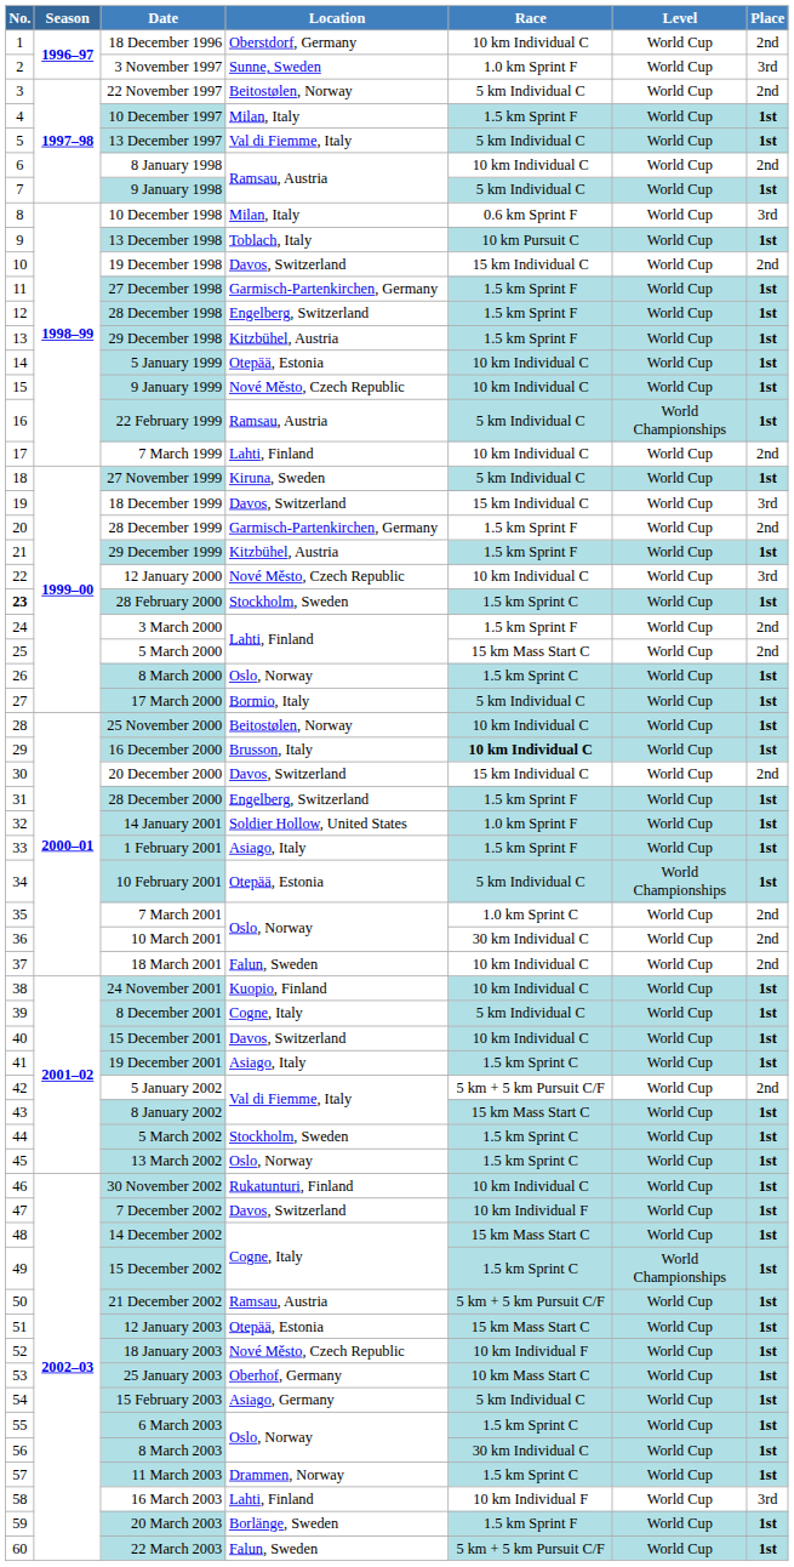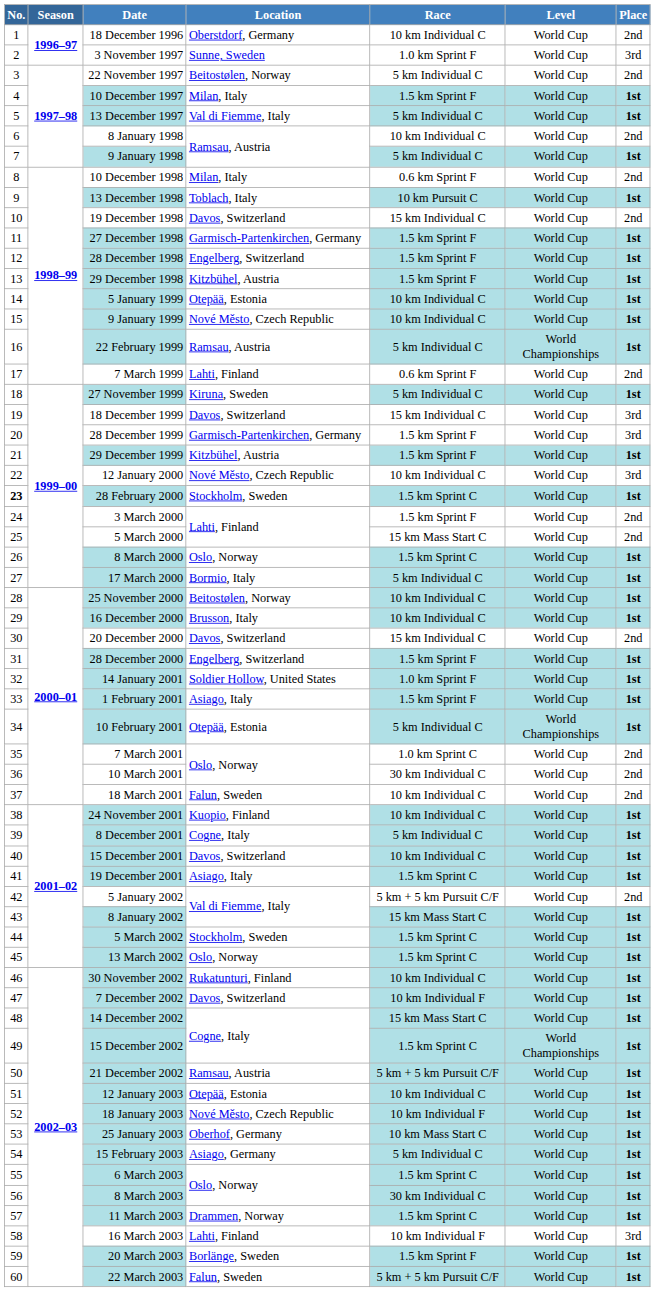 <table class="wikitable sortable" style="font-size:95%; text-align:center; border:grey solid 1px; border-collapse:collapse; background:#ffffff;">
 <tr style="background:#efefef;">
 <th style="background-color:#369; color:white;">No.</th>
 <th style="background-color:#369; color:white;">Season</th>
 <th style="background-color:#4180be; color:white; width:120px;">Date</th>
 <th style="background-color:#4180be; color:white; width:220px;">Location</th>
 <th style="background-color:#4180be; color:white; width:160px;">Race</th>
 <th style="background-color:#4180be; color:white; width:130px;">Level</th>
 <th style="background-color:#4180be; color:white;">Place</th>
 </tr>
 <tr>
 <td align=center>1</td>
 <td rowspan=2 align=center><strong> <a href='#'>1996–97</a> </strong></td>
 <td align=right>18 December 1996</td>
 <td align=left> <a href='#'>Oberstdorf</a>, Germany</td>
 <td>10 km Individual C</td>
 <td>World Cup</td>
 <td>2nd</td>
 </tr>
 <tr>
 <td align=center>2</td>
 <td align=right>3 November 1997</td>
 <td align=left> <a href='#'>Sunne, Sweden</a></td>
 <td>1.0 km Sprint F</td>
 <td>World Cup</td>
 <td>3rd</td>
 </tr>
 <tr>
 <td align=center>3</td>
 <td rowspan=5 align=center><strong> <a href='#'>1997–98</a> </strong></td>
 <td align=right>22 November 1997</td>
 <td align=left> <a href='#'>Beitostølen</a>, Norway</td>
 <td>5 km Individual C</td>
 <td>World Cup</td>
 <td>2nd</td>
 </tr>
 <tr>
 <td align=center>4</td>
 <td bgcolor="#BOEOE6" align=right>10 December 1997</td>
 <td align=left> <a href='#'>Milan</a>, Italy</td>
 <td bgcolor="#BOEOE6">1.5 km Sprint F</td>
 <td bgcolor="#BOEOE6">World Cup</td>
 <td bgcolor="#BOEOE6"><strong>1st</strong></td>
 </tr>
 <tr>
 <td align=center>5</td>
 <td bgcolor="#BOEOE6" align=right>13 December 1997</td>
 <td align=left> <a href='#'>Val di Fiemme</a>, Italy</td>
 <td bgcolor="#BOEOE6">5 km Individual C</td>
 <td bgcolor="#BOEOE6">World Cup</td>
 <td bgcolor="#BOEOE6"><strong>1st</strong></td>
 </tr>
 <tr>
 <td align=center>6</td>
 <td align=right>8 January 1998</td>
 <td rowspan=2 align=left> <a href='#'> Ramsau</a>, Austria</td>
 <td>10 km Individual C</td>
 <td>World Cup</td>
 <td>2nd</td>
 </tr>
 <tr>
 <td align=center>7</td>
 <td bgcolor="#BOEOE6" align=right>9 January 1998</td>
 <td bgcolor="#BOEOE6">5 km Individual C</td>
 <td bgcolor="#BOEOE6">World Cup</td>
 <td bgcolor="#BOEOE6"><strong>1st</strong></td>
 </tr>
 <tr>
 <td align=center>8</td>
 <td rowspan=10 align=center><strong> <a href='#'>1998–99</a> </strong></td>
 <td align=right>10 December 1998</td>
 <td align=left> <a href='#'>Milan</a>, Italy</td>
 <td>0.6 km Sprint F</td>
 <td>World Cup</td>
-<td>3rd</td>
+<td>2nd</td>
 </tr>
 <tr>
 <td align=center>9</td>
 <td bgcolor="#BOEOE6" align=right>13 December 1998</td>
 <td align=left> <a href='#'>Toblach</a>, Italy</td>
 <td bgcolor="#BOEOE6">10 km Pursuit C</td>
 <td bgcolor="#BOEOE6">World Cup</td>
 <td bgcolor="#BOEOE6"><strong>1st</strong></td>
 </tr>
 <tr>
 <td align=center>10</td>
 <td align=right>19 December 1998</td>
 <td align=left> <a href='#'>Davos</a>, Switzerland</td>
 <td>15 km Individual C</td>
 <td>World Cup</td>
 <td>2nd</td>
 </tr>
 <tr>
 <td align=center>11</td>
 <td bgcolor="#BOEOE6" align=right>27 December 1998</td>
 <td align=left> <a href='#'>Garmisch-Partenkirchen</a>, Germany</td>
 <td bgcolor="#BOEOE6">1.5 km Sprint F</td>
 <td bgcolor="#BOEOE6">World Cup</td>
 <td bgcolor="#BOEOE6"><strong>1st</strong></td>
 </tr>
 <tr>
 <td align=center>12</td>
 <td bgcolor="#BOEOE6" align=right>28 December 1998</td>
 <td align=left> <a href='#'>Engelberg</a>, Switzerland</td>
 <td bgcolor="#BOEOE6">1.5 km Sprint F</td>
 <td bgcolor="#BOEOE6">World Cup</td>
 <td bgcolor="#BOEOE6"><strong>1st</strong></td>
 </tr>
 <tr>
 <td align=center>13</td>
 <td bgcolor="#BOEOE6" align=right>29 December 1998</td>
 <td align=left> <a href='#'>Kitzbühel</a>, Austria</td>
 <td bgcolor="#BOEOE6">1.5 km Sprint F</td>
 <td bgcolor="#BOEOE6">World Cup</td>
 <td bgcolor="#BOEOE6"><strong>1st</strong></td>
 </tr>
 <tr>
 <td align=center>14</td>
 <td bgcolor="#BOEOE6" align=right>5 January 1999</td>
 <td align=left> <a href='#'>Otepää</a>, Estonia</td>
 <td bgcolor="#BOEOE6">10 km Individual C</td>
 <td bgcolor="#BOEOE6">World Cup</td>
 <td bgcolor="#BOEOE6"><strong>1st</strong></td>
 </tr>
 <tr>
 <td align=center>15</td>
 <td bgcolor="#BOEOE6" align=right>9 January 1999</td>
 <td align=left> <a href='#'>Nové Město</a>, Czech Republic</td>
 <td bgcolor="#BOEOE6">10 km Individual C</td>
 <td bgcolor="#BOEOE6">World Cup</td>
 <td bgcolor="#BOEOE6"><strong>1st</strong></td>
 </tr>
 <tr>
 <td align=center>16</td>
 <td bgcolor="#BOEOE6" align=right>22 February 1999</td>
 <td align=left> <a href='#'>Ramsau</a>, Austria</td>
 <td bgcolor="#BOEOE6">5 km Individual C</td>
 <td bgcolor="#BOEOE6">World Championships</td>
 <td bgcolor="#BOEOE6"><strong>1st</strong></td>
 </tr>
 <tr>
 <td align=center>17</td>
 <td align=right>7 March 1999</td>
 <td align=left> <a href='#'>Lahti</a>, Finland</td>
-<td>10 km Individual C</td>
+<td>0.6 km Sprint F</td>
 <td>World Cup</td>
 <td>2nd</td>
 </tr>
 <tr>
 <td align=center>18</td>
 <td rowspan=10 align=center><strong><a href='#'>1999–00</a></strong></td>
 <td bgcolor="#BOEOE6" align=right>27 November 1999</td>
 <td align=left> <a href='#'>Kiruna</a>, Sweden</td>
 <td bgcolor="#BOEOE6">5 km Individual C</td>
 <td bgcolor="#BOEOE6">World Cup</td>
 <td bgcolor="#BOEOE6"><strong>1st</strong></td>
 </tr>
 <tr>
 <td align=center>19</td>
 <td align=right>18 December 1999</td>
 <td align=left> <a href='#'>Davos</a>, Switzerland</td>
 <td>15 km Individual C</td>
 <td>World Cup</td>
 <td>3rd</td>
 </tr>
 <tr>
 <td align=center>20</td>
 <td align=right>28 December 1999</td>
 <td align=left> <a href='#'>Garmisch-Partenkirchen</a>, Germany</td>
 <td>1.5 km Sprint F</td>
 <td>World Cup</td>
-<td>2nd</td>
+<td>3rd</td>
 </tr>
 <tr>
 <td align=center>21</td>
 <td bgcolor="#BOEOE6" align=right>29 December 1999</td>
 <td align=left> <a href='#'>Kitzbühel</a>, Austria</td>
 <td bgcolor="#BOEOE6">1.5 km Sprint F</td>
 <td bgcolor="#BOEOE6">World Cup</td>
 <td bgcolor="#BOEOE6"><strong>1st</strong></td>
 </tr>
 <tr>
 <td align=center>22</td>
 <td align=right>12 January 2000</td>
 <td align=left> <a href='#'>Nové Město</a>, Czech Republic</td>
 <td>10 km Individual C</td>
 <td>World Cup</td>
 <td>3rd</td>
 </tr>
 <tr>
 <td align=center><strong>23</strong></td>
 <td bgcolor="#BOEOE6" align=right>28 February 2000</td>
 <td align=left> <a href='#'>Stockholm</a>, Sweden</td>
 <td bgcolor="#BOEOE6">1.5 km Sprint C</td>
 <td bgcolor="#BOEOE6">World Cup</td>
 <td bgcolor="#BOEOE6"><strong>1st</strong></td>
 </tr>
 <tr>
 <td align=center>24</td>
 <td align=right>3 March 2000</td>
 <td rowspan=2 align=left> <a href='#'>Lahti</a>, Finland</td>
 <td>1.5 km Sprint F</td>
 <td>World Cup</td>
 <td>2nd</td>
 </tr>
 <tr>
 <td align=center>25</td>
 <td align=right>5 March 2000</td>
 <td>15 km Mass Start C</td>
 <td>World Cup</td>
 <td>2nd</td>
 </tr>
 <tr>
 <td align=center>26</td>
 <td bgcolor="#BOEOE6" align=right>8 March 2000</td>
 <td align=left> <a href='#'>Oslo</a>, Norway</td>
 <td bgcolor="#BOEOE6">1.5 km Sprint C</td>
 <td bgcolor="#BOEOE6">World Cup</td>
 <td bgcolor="#BOEOE6"><strong>1st</strong></td>
 </tr>
 <tr>
 <td align=center>27</td>
 <td bgcolor="#BOEOE6" align=right>17 March 2000</td>
 <td align=left> <a href='#'>Bormio</a>, Italy</td>
 <td bgcolor="#BOEOE6">5 km Individual C</td>
 <td bgcolor="#BOEOE6">World Cup</td>
 <td bgcolor="#BOEOE6"><strong>1st</strong></td>
 </tr>
 <tr>
 <td align=center>28</td>
 <td rowspan=10 align=center><strong><a href='#'>2000–01</a></strong></td>
 <td bgcolor="#BOEOE6" align=right>25 November 2000</td>
 <td align=left> <a href='#'>Beitostølen</a>, Norway</td>
 <td bgcolor="#BOEOE6">10 km Individual C</td>
 <td bgcolor="#BOEOE6">World Cup</td>
 <td bgcolor="#BOEOE6"><strong>1st</strong></td>
 </tr>
 <tr>
 <td align=center>29</td>
 <td bgcolor="#BOEOE6" align=right>16 December 2000</td>
 <td align=left> <a href='#'>Brusson</a>, Italy</td>
-<td bgcolor="#BOEOE6"><strong>10 km Individual C</strong></td>
+<td bgcolor="#BOEOE6">10 km Individual C</td>
 <td bgcolor="#BOEOE6">World Cup</td>
 <td bgcolor="#BOEOE6"><strong>1st</strong></td>
 </tr>
 <tr>
 <td align=center>30</td>
 <td align=right>20 December 2000</td>
 <td align=left> <a href='#'>Davos</a>, Switzerland</td>
 <td>15 km Individual C</td>
 <td>World Cup</td>
 <td>2nd</td>
 </tr>
 <tr>
 <td align=center>31</td>
 <td bgcolor="#BOEOE6" align=right>28 December 2000</td>
 <td align=left> <a href='#'>Engelberg</a>, Switzerland</td>
 <td bgcolor="#BOEOE6">1.5 km Sprint F</td>
 <td bgcolor="#BOEOE6">World Cup</td>
 <td bgcolor="#BOEOE6"><strong>1st</strong></td>
 </tr>
 <tr>
 <td align=center>32</td>
 <td bgcolor="#BOEOE6" align=right>14 January 2001</td>
 <td align=left> <a href='#'>Soldier Hollow</a>, United States</td>
 <td bgcolor="#BOEOE6">1.0 km Sprint F</td>
 <td bgcolor="#BOEOE6">World Cup</td>
 <td bgcolor="#BOEOE6"><strong>1st</strong></td>
 </tr>
 <tr>
 <td align=center>33</td>
 <td bgcolor="#BOEOE6" align=right>1 February 2001</td>
 <td align=left> <a href='#'>Asiago</a>, Italy</td>
 <td bgcolor="#BOEOE6">1.5 km Sprint F</td>
 <td bgcolor="#BOEOE6">World Cup</td>
 <td bgcolor="#BOEOE6"><strong>1st</strong></td>
 </tr>
 <tr>
 <td align=center>34</td>
 <td bgcolor="#BOEOE6" align=right>10 February 2001</td>
 <td align=left> <a href='#'>Otepää</a>, Estonia</td>
 <td bgcolor="#BOEOE6">5 km Individual C</td>
 <td bgcolor="#BOEOE6">World Championships</td>
 <td bgcolor="#BOEOE6"><strong>1st</strong></td>
 </tr>
 <tr>
 <td align=center>35</td>
 <td align=right>7 March 2001</td>
 <td rowspan=2 align=left> <a href='#'>Oslo</a>, Norway</td>
 <td>1.0 km Sprint C</td>
 <td>World Cup</td>
 <td>2nd</td>
 </tr>
 <tr>
 <td align=center>36</td>
 <td align=right>10 March 2001</td>
 <td>30 km Individual C</td>
 <td>World Cup</td>
 <td>2nd</td>
 </tr>
 <tr>
 <td align=center>37</td>
 <td align=right>18 March 2001</td>
 <td align=left> <a href='#'>Falun</a>, Sweden</td>
 <td>10 km Individual C</td>
 <td>World Cup</td>
 <td>2nd</td>
 </tr>
 <tr>
 <td align=center>38</td>
 <td rowspan=8 align=center><strong><a href='#'>2001–02</a></strong></td>
 <td bgcolor="#BOEOE6" align=right>24 November 2001</td>
 <td align=left> <a href='#'>Kuopio</a>, Finland</td>
 <td bgcolor="#BOEOE6">10 km Individual C</td>
 <td bgcolor="#BOEOE6">World Cup</td>
 <td bgcolor="#BOEOE6"><strong>1st</strong></td>
 </tr>
 <tr>
 <td align=center>39</td>
 <td bgcolor="#BOEOE6" align=right>8 December 2001</td>
 <td align=left> <a href='#'>Cogne</a>, Italy</td>
 <td bgcolor="#BOEOE6">5 km Individual C</td>
 <td bgcolor="#BOEOE6">World Cup</td>
 <td bgcolor="#BOEOE6"><strong>1st</strong></td>
 </tr>
 <tr>
 <td align=center>40</td>
 <td bgcolor="#BOEOE6" align=right>15 December 2001</td>
 <td align=left> <a href='#'>Davos</a>, Switzerland</td>
 <td bgcolor="#BOEOE6">10 km Individual C</td>
 <td bgcolor="#BOEOE6">World Cup</td>
 <td bgcolor="#BOEOE6"><strong>1st</strong></td>
 </tr>
 <tr>
 <td align=center>41</td>
 <td bgcolor="#BOEOE6" align=right>19 December 2001</td>
 <td align=left> <a href='#'>Asiago</a>, Italy</td>
 <td bgcolor="#BOEOE6">1.5 km Sprint C</td>
 <td bgcolor="#BOEOE6">World Cup</td>
 <td bgcolor="#BOEOE6"><strong>1st</strong></td>
 </tr>
 <tr>
 <td align=center>42</td>
 <td align=right>5 January 2002</td>
 <td rowspan=2 align=left> <a href='#'>Val di Fiemme</a>, Italy</td>
 <td>5 km + 5 km Pursuit C/F</td>
 <td>World Cup</td>
 <td>2nd</td>
 </tr>
 <tr>
 <td align=center>43</td>
 <td bgcolor="#BOEOE6" align=right>8 January 2002</td>
 <td bgcolor="#BOEOE6">15 km Mass Start C</td>
 <td bgcolor="#BOEOE6">World Cup</td>
 <td bgcolor="#BOEOE6"><strong>1st</strong></td>
 </tr>
 <tr>
 <td align=center>44</td>
 <td bgcolor="#BOEOE6" align=right>5 March 2002</td>
 <td align=left> <a href='#'>Stockholm</a>, Sweden</td>
 <td bgcolor="#BOEOE6">1.5 km Sprint C</td>
 <td bgcolor="#BOEOE6">World Cup</td>
 <td bgcolor="#BOEOE6"><strong>1st</strong></td>
 </tr>
 <tr>
 <td align=center>45</td>
 <td bgcolor="#BOEOE6" align=right>13 March 2002</td>
 <td align=left> <a href='#'>Oslo</a>, Norway</td>
 <td bgcolor="#BOEOE6">1.5 km Sprint C</td>
 <td bgcolor="#BOEOE6">World Cup</td>
 <td bgcolor="#BOEOE6"><strong>1st</strong></td>
 </tr>
 <tr>
 <td align=center>46</td>
 <td rowspan=15 align=center><strong><a href='#'>2002–03</a></strong></td>
 <td bgcolor="#BOEOE6" align=right>30 November 2002</td>
 <td align=left> <a href='#'>Rukatunturi</a>, Finland</td>
 <td bgcolor="#BOEOE6">10 km Individual C</td>
 <td bgcolor="#BOEOE6">World Cup</td>
 <td bgcolor="#BOEOE6"><strong>1st</strong></td>
 </tr>
 <tr>
 <td align=center>47</td>
 <td bgcolor="#BOEOE6" align=right>7 December 2002</td>
 <td align=left> <a href='#'>Davos</a>, Switzerland</td>
 <td bgcolor="#BOEOE6">10 km Individual F</td>
 <td bgcolor="#BOEOE6">World Cup</td>
 <td bgcolor="#BOEOE6"><strong>1st</strong></td>
 </tr>
 <tr>
 <td align=center>48</td>
 <td bgcolor="#BOEOE6" align=right>14 December 2002</td>
 <td rowspan=2 align=left> <a href='#'>Cogne</a>, Italy</td>
 <td bgcolor="#BOEOE6">15 km Mass Start C</td>
 <td bgcolor="#BOEOE6">World Cup</td>
 <td bgcolor="#BOEOE6"><strong>1st</strong></td>
 </tr>
 <tr>
 <td align=center>49</td>
 <td bgcolor="#BOEOE6" align=right>15 December 2002</td>
 <td bgcolor="#BOEOE6">1.5 km Sprint C</td>
 <td bgcolor="#BOEOE6">World Championships</td>
 <td bgcolor="#BOEOE6"><strong>1st</strong></td>
 </tr>
 <tr>
 <td align=center>50</td>
 <td bgcolor="#BOEOE6" align=right>21 December 2002</td>
 <td align=left> <a href='#'>Ramsau</a>, Austria</td>
 <td bgcolor="#BOEOE6">5 km + 5 km Pursuit C/F</td>
 <td bgcolor="#BOEOE6">World Cup</td>
 <td bgcolor="#BOEOE6"><strong>1st</strong></td>
 </tr>
 <tr>
 <td align=center>51</td>
 <td bgcolor="#BOEOE6" align=right>12 January 2003</td>
 <td align=left> <a href='#'>Otepää</a>, Estonia</td>
-<td bgcolor="#BOEOE6">15 km Mass Start C</td>
+<td bgcolor="#BOEOE6">10 km Individual C</td>
 <td bgcolor="#BOEOE6">World Cup</td>
 <td bgcolor="#BOEOE6"><strong>1st</strong></td>
 </tr>
 <tr>
 <td align=center>52</td>
 <td bgcolor="#BOEOE6" align=right>18 January 2003</td>
 <td align=left> <a href='#'>Nové Město</a>, Czech Republic</td>
 <td bgcolor="#BOEOE6">10 km Individual F</td>
 <td bgcolor="#BOEOE6">World Cup</td>
 <td bgcolor="#BOEOE6"><strong>1st</strong></td>
 </tr>
 <tr>
 <td align=center>53</td>
 <td bgcolor="#BOEOE6" align=right>25 January 2003</td>
 <td align=left> <a href='#'>Oberhof</a>, Germany</td>
 <td bgcolor="#BOEOE6">10 km Mass Start C</td>
 <td bgcolor="#BOEOE6">World Cup</td>
 <td bgcolor="#BOEOE6"><strong>1st</strong></td>
 </tr>
 <tr>
 <td align=center>54</td>
 <td bgcolor="#BOEOE6" align=right>15 February 2003</td>
 <td align=left> <a href='#'>Asiago</a>, Germany</td>
 <td bgcolor="#BOEOE6">5 km Individual C</td>
 <td bgcolor="#BOEOE6">World Cup</td>
 <td bgcolor="#BOEOE6"><strong>1st</strong></td>
 </tr>
 <tr>
 <td align=center>55</td>
 <td bgcolor="#BOEOE6" align=right>6 March 2003</td>
 <td rowspan=2 align=left> <a href='#'>Oslo</a>, Norway</td>
 <td bgcolor="#BOEOE6">1.5 km Sprint C</td>
 <td bgcolor="#BOEOE6">World Cup</td>
 <td bgcolor="#BOEOE6"><strong>1st</strong></td>
 </tr>
 <tr>
 <td align=center>56</td>
 <td bgcolor="#BOEOE6" align=right>8 March 2003</td>
 <td bgcolor="#BOEOE6">30 km Individual C</td>
 <td bgcolor="#BOEOE6">World Cup</td>
 <td bgcolor="#BOEOE6"><strong>1st</strong></td>
 </tr>
 <tr>
 <td align=center>57</td>
 <td bgcolor="#BOEOE6" align=right>11 March 2003</td>
 <td align=left> <a href='#'>Drammen</a>, Norway</td>
 <td bgcolor="#BOEOE6">1.5 km Sprint C</td>
 <td bgcolor="#BOEOE6">World Cup</td>
 <td bgcolor="#BOEOE6"><strong>1st</strong></td>
 </tr>
 <tr>
 <td align=center>58</td>
 <td align=right>16 March 2003</td>
 <td align=left> <a href='#'>Lahti</a>, Finland</td>
 <td>10 km Individual F</td>
 <td>World Cup</td>
 <td>3rd</td>
 </tr>
 <tr>
 <td align=center>59</td>
 <td bgcolor="#BOEOE6" align=right>20 March 2003</td>
 <td align=left> <a href='#'>Borlänge</a>, Sweden</td>
 <td bgcolor="#BOEOE6">1.5 km Sprint F</td>
 <td bgcolor="#BOEOE6">World Cup</td>
 <td bgcolor="#BOEOE6"><strong>1st</strong></td>
 </tr>
 <tr>
 <td align=center>60</td>
 <td bgcolor="#BOEOE6" align=right>22 March 2003</td>
 <td align=left> <a href='#'>Falun</a>, Sweden</td>
 <td bgcolor="#BOEOE6">5 km + 5 km Pursuit C/F</td>
 <td bgcolor="#BOEOE6">World Cup</td>
 <td bgcolor="#BOEOE6"><strong>1st</strong></td>
 </tr>
 </table>
